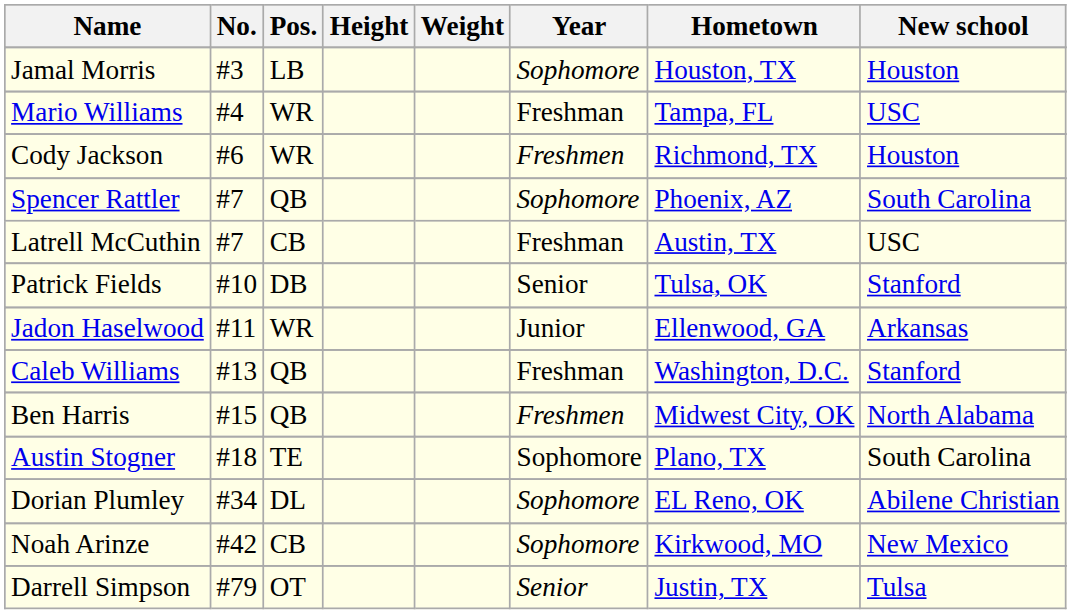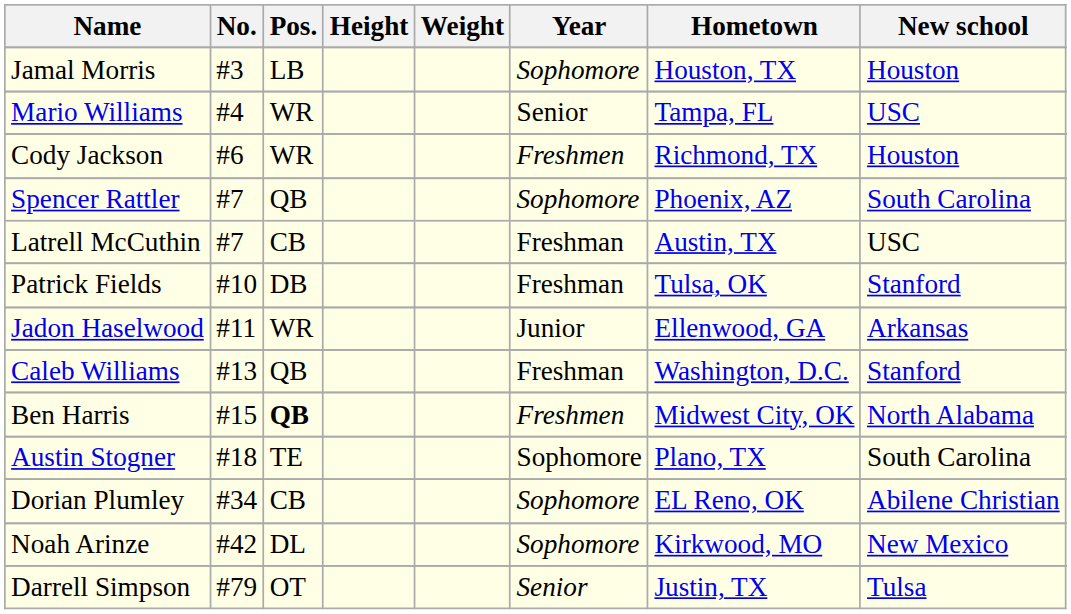 <table class="wikitable sortable">
 <tr>
 <th>Name</th>
 <th>No.</th>
 <th>Pos.</th>
 <th>Height</th>
 <th>Weight</th>
 <th>Year</th>
 <th>Hometown</th>
 <th class="unsortable">New school</th>
 </tr>
 <tr>
 </tr>
 <tr style="background:#FFFFE6;">
 <td>Jamal Morris</td>
 <td>#3</td>
 <td>LB</td>
 <td></td>
 <td></td>
 <td><em> Sophomore</em></td>
 <td><a href='#'>Houston, TX</a></td>
 <td><a href='#'>Houston</a></td>
 </tr>
 <tr>
 </tr>
 <tr style="background:#FFFFE6;">
 <td><a href='#'>Mario Williams</a></td>
 <td>#4</td>
 <td>WR</td>
 <td></td>
 <td></td>
-<td>Freshman</td>
+<td>Senior</td>
 <td><a href='#'>Tampa, FL</a></td>
 <td><a href='#'>USC</a></td>
 </tr>
 <tr>
 </tr>
 <tr style="background:#FFFFE6;">
 <td>Cody Jackson</td>
 <td>#6</td>
 <td>WR</td>
 <td></td>
 <td></td>
 <td><em> Freshmen</em></td>
 <td><a href='#'>Richmond, TX</a></td>
 <td><a href='#'>Houston</a></td>
 </tr>
 <tr>
 </tr>
 <tr style="background:#FFFFE6;">
 <td><a href='#'>Spencer Rattler</a></td>
 <td>#7</td>
 <td>QB</td>
 <td></td>
 <td></td>
 <td><em> Sophomore</em></td>
 <td><a href='#'>Phoenix, AZ</a></td>
 <td><a href='#'>South Carolina</a></td>
 </tr>
 <tr style="background:#FFFFE6;">
 <td>Latrell McCuthin</td>
 <td>#7</td>
 <td>CB</td>
 <td></td>
 <td></td>
 <td>Freshman</td>
 <td><a href='#'>Austin, TX</a></td>
 <td>USC</td>
 </tr>
 <tr>
 </tr>
 <tr style="background:#FFFFE6;">
 <td>Patrick Fields</td>
 <td>#10</td>
 <td>DB</td>
 <td></td>
 <td></td>
-<td>Senior</td>
+<td>Freshman</td>
 <td><a href='#'>Tulsa, OK</a></td>
 <td><a href='#'>Stanford</a></td>
 </tr>
 <tr>
 </tr>
 <tr style="background:#FFFFE6;">
 <td><a href='#'>Jadon Haselwood</a></td>
 <td>#11</td>
 <td>WR</td>
 <td></td>
 <td></td>
 <td>Junior</td>
 <td><a href='#'>Ellenwood, GA</a></td>
 <td><a href='#'>Arkansas</a></td>
 </tr>
 <tr>
 </tr>
 <tr style="background:#FFFFE6;">
 <td><a href='#'>Caleb Williams</a></td>
 <td>#13</td>
 <td>QB</td>
 <td></td>
 <td></td>
 <td>Freshman</td>
 <td><a href='#'>Washington, D.C.</a></td>
 <td><a href='#'>Stanford</a></td>
 </tr>
 <tr>
 </tr>
 <tr style="background:#FFFFE6;">
 <td>Ben Harris</td>
 <td>#15</td>
-<td>QB</td>
+<td><strong>QB</strong></td>
 <td></td>
 <td></td>
 <td><em> Freshmen</em></td>
 <td><a href='#'>Midwest City, OK</a></td>
 <td><a href='#'>North Alabama</a></td>
 </tr>
 <tr>
 </tr>
 <tr style="background:#FFFFE6;">
 <td><a href='#'>Austin Stogner</a></td>
 <td>#18</td>
 <td>TE</td>
 <td></td>
 <td></td>
 <td>Sophomore</td>
 <td><a href='#'>Plano, TX</a></td>
 <td>South Carolina</td>
 </tr>
 <tr>
 </tr>
 <tr style="background:#FFFFE6;">
 <td>Dorian Plumley</td>
 <td>#34</td>
-<td>DL</td>
+<td>CB</td>
 <td></td>
 <td></td>
 <td><em> Sophomore</em></td>
 <td><a href='#'>EL Reno, OK</a></td>
 <td><a href='#'>Abilene Christian</a></td>
 </tr>
 <tr>
 </tr>
 <tr style="background:#FFFFE6;">
 <td>Noah Arinze</td>
 <td>#42</td>
-<td>CB</td>
+<td>DL</td>
 <td></td>
 <td></td>
 <td><em> Sophomore</em></td>
 <td><a href='#'>Kirkwood, MO</a></td>
 <td><a href='#'>New Mexico</a></td>
 </tr>
 <tr>
 </tr>
 <tr style="background:#FFFFE6;">
 <td>Darrell Simpson</td>
 <td>#79</td>
 <td>OT</td>
 <td></td>
 <td></td>
 <td><em> Senior</em></td>
 <td><a href='#'>Justin, TX</a></td>
 <td><a href='#'>Tulsa</a></td>
 </tr>
 </table>
